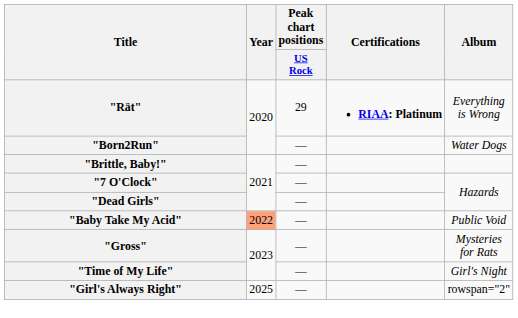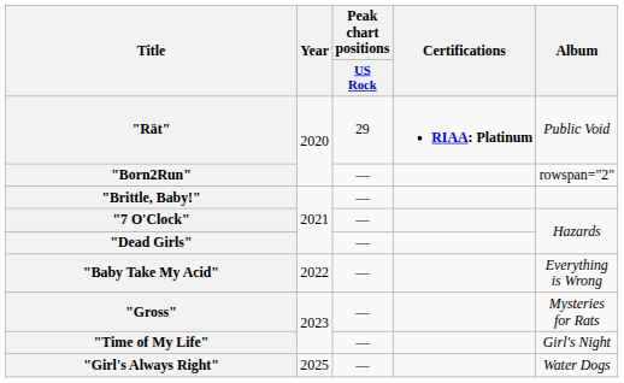 <table class="wikitable plainrowheaders" style="text-align:center;">
 <tr>
 <th rowspan="2" style="width:20em;">Title</th>
 <th rowspan="2" style="width:1em;">Year</th>
 <th colspan="1">Peak chart positions</th>
 <th rowspan="2">Certifications</th>
 <th rowspan="2" style="width:5em;">Album</th>
 </tr>
 <tr>
 <th scope="col" style="width:2em;font-size:90%;"><a href='#'>US<br>Rock</a><br></th>
 </tr>
 <tr>
 <th scope="row">"Rät"</th>
 <td rowspan="2">2020</td>
 <td>29</td>
 <td><strong><br><ul><li><a href='#'>RIAA</a>: Platinum</li></ul></strong></td>
-<td rowspan="1"><em>Everything is Wrong</em></td>
+<td><em>Public Void</em></td>
 </tr>
 <tr>
 <th scope="row">"Born2Run"</th>
 <td>—</td>
 <td></td>
-<td><em>Water Dogs</em></td>
+<td>rowspan="2" </td>
 </tr>
 <tr>
 <th scope="row">"Brittle, Baby!"<br></th>
 <td rowspan="3">2021</td>
 <td>—</td>
 <td></td>
 </tr>
 <tr>
 <th scope="row">"7 O'Clock"</th>
 <td>—</td>
 <td></td>
 <td rowspan="2"><em>Hazards</em></td>
 </tr>
 <tr>
 <th scope="row">"Dead Girls"</th>
 <td>—</td>
 <td></td>
 </tr>
 <tr>
 <th scope="row">"Baby Take My Acid"<br></th>
-<td rowspan="1" style="background: lightsalmon;">2022</td>
+<td rowspan="1">2022</td>
 <td>—</td>
 <td></td>
-<td><em>Public Void</em></td>
+<td rowspan="1"><em>Everything is Wrong</em></td>
 </tr>
 <tr>
 <th scope="row">"Gross"</th>
 <td rowspan="2">2023</td>
 <td>—</td>
 <td></td>
 <td><em>Mysteries for Rats</em></td>
 </tr>
 <tr>
 <th scope="row">"Time of My Life"</th>
 <td>—</td>
 <td></td>
 <td><em>Girl's Night</em></td>
 </tr>
 <tr>
 <th scope="row">"Girl's Always Right"</th>
 <td rowspan="2">2025</td>
 <td>—</td>
 <td></td>
-<td>rowspan="2" </td>
+<td><em>Water Dogs</em></td>
 </tr>
 </table>
